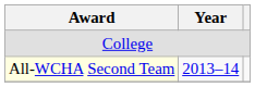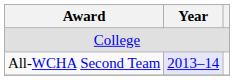 <table class="wikitable">
 <tr>
 <th>Award</th>
 <th>Year</th>
 <th></th>
 </tr>
 <tr ALIGN="center" bgcolor="#e0e0e0">
 <td colspan="3"><a href='#'>College</a></td>
 </tr>
 <tr>
-<td style="background: lightyellow;">All-<a href='#'>WCHA</a> <a href='#'>Second Team</a></td>
-<td><a href='#'>2013–14</a></td>
+<td>All-<a href='#'>WCHA</a> <a href='#'>Second Team</a></td>
+<td style="background: lavender;"><a href='#'>2013–14</a></td>
 <td></td>
 </tr>
 <tr>
 </tr>
 </table>
